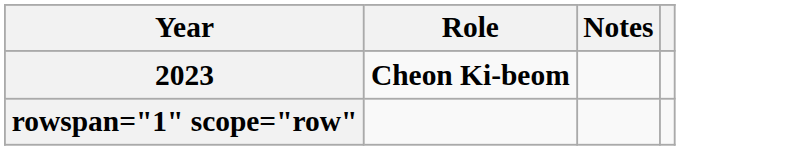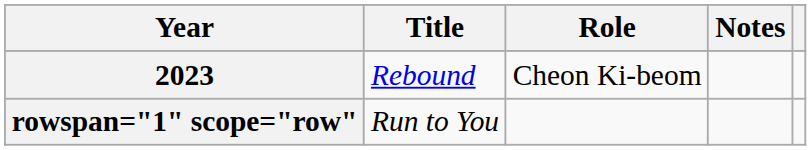 <table class="wikitable  plainrowheaders">
 <tr>
 <th scope="col">Year</th>
+<th scope="col">Title</th>
 <th scope="col">Role</th>
 <th>Notes</th>
 <th scope="col" class="unsortable"></th>
 </tr>
 <tr>
 <th rowspan="1" scope="row">2023</th>
-<td><strong>Cheon Ki-beom</strong></td>
+<td><em><a href='#'>Rebound</a></em></td>
+<td>Cheon Ki-beom</td>
 <td></td>
 <td style="text-align:center"></td>
 </tr>
 <tr>
 <th>rowspan="1" scope="row" </th>
+<td><em>Run to You</em></td>
 <td></td>
 <td></td>
 <td style="text-align:center"></td>
 </tr>
 </table>
